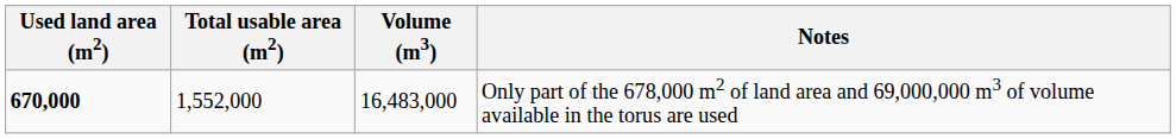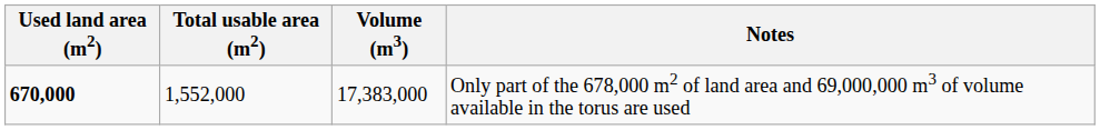 <table class="wikitable">
 <tr>
 <th>Used land area (m<sup>2</sup>)</th>
 <th>Total usable area (m<sup>2</sup>)</th>
 <th>Volume (m<sup>3</sup>)</th>
 <th>Notes</th>
 </tr>
 <tr>
 <td><strong>670,000</strong></td>
 <td>1,552,000</td>
-<td>16,483,000</td>
+<td>17,383,000</td>
 <td>Only part of the 678,000 m<sup>2</sup> of land area and 69,000,000 m<sup>3</sup> of volume available in the torus are used</td>
 </tr>
 </table>
